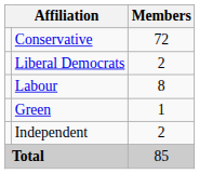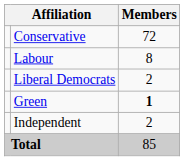 <table class="wikitable">
 <tr>
 <th colspan="2">Affiliation</th>
 <th>Members</th>
 </tr>
 <tr>
 <td style="color:inherit;background:"></td>
 <td><a href='#'>Conservative</a></td>
 <td style="text-align:center;">72</td>
 </tr>
 <tr>
 <td style="color:inherit;background:"></td>
+<td><a href='#'>Labour</a></td>
+<td style="text-align:center;">8</td>
+</tr>
+<tr>
+<td style="color:inherit;background:"></td>
 <td><a href='#'>Liberal Democrats</a></td>
 <td style="text-align:center;">2</td>
 </tr>
 <tr>
 <td style="color:inherit;background:"></td>
-<td><a href='#'>Labour</a></td>
-<td style="text-align:center;">8</td>
-</tr>
-<tr>
-<td style="color:inherit;background:"></td>
 <td><a href='#'>Green</a></td>
-<td style="text-align:center;">1</td>
+<td style="text-align:center;"><strong>1</strong></td>
 </tr>
 <tr>
 <td style="color:inherit;background:"></td>
 <td>Independent</td>
 <td style="text-align:center;">2</td>
 </tr>
 <tr style="background:#ccc;">
 <td colspan="2"> <strong>Total</strong></td>
 <td style="text-align:center;">85</td>
 </tr>
 </table>
